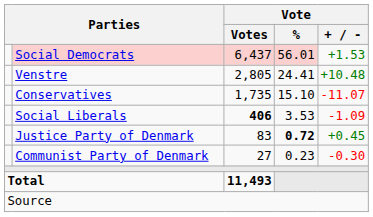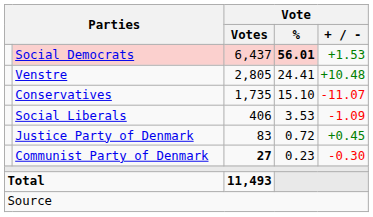 <table class="wikitable" style="text-align:right;">
 <tr>
 <th style="text-align:centre;" rowspan="2" colspan="2" width="225">Parties</th>
 <th colspan="3">Vote</th>
 </tr>
 <tr>
 <th width="15">Votes</th>
 <th width="15">%</th>
 <th width="15">+ / -</th>
 </tr>
 <tr>
 <td width="2" style="color:inherit;background:"></td>
 <td bgcolor=#fbd0ce  align="left"><a href='#'>Social Democrats</a></td>
 <td bgcolor=#fbd0ce>6,437</td>
-<td bgcolor=#fbd0ce>56.01</td>
+<td bgcolor=#fbd0ce><strong>56.01</strong></td>
 <td style=color:green;>+1.53</td>
 </tr>
 <tr>
 <td width="2" style="color:inherit;background:"></td>
 <td align="left"><a href='#'>Venstre</a></td>
 <td>2,805</td>
 <td>24.41</td>
 <td style=color:green;>+10.48</td>
 </tr>
 <tr>
 <td width="2" style="color:inherit;background:"></td>
 <td align="left"><a href='#'>Conservatives</a></td>
 <td>1,735</td>
 <td>15.10</td>
 <td style=color:red;>-11.07</td>
 </tr>
 <tr>
 <td width="2" style="color:inherit;background:"></td>
 <td align="left"><a href='#'>Social Liberals</a></td>
-<td><strong>406</strong></td>
+<td>406</td>
 <td>3.53</td>
 <td style=color:red;>-1.09</td>
 </tr>
 <tr>
 <td width="2" style="color:inherit;background:"></td>
 <td align="left"><a href='#'>Justice Party of Denmark</a></td>
 <td>83</td>
-<td><strong>0.72</strong></td>
+<td>0.72</td>
 <td style=color:green;>+0.45</td>
 </tr>
 <tr>
 <td width="2" style="color:inherit;background:"></td>
 <td align="left"><a href='#'>Communist Party of Denmark</a></td>
-<td>27</td>
+<td><strong>27</strong></td>
 <td>0.23</td>
 <td style=color:red;>-0.30</td>
 </tr>
 <tr>
 <td colspan="7" bgcolor="#E9E9E9"></td>
 </tr>
 <tr>
 <td align="left" colspan="2"><strong>Total</strong></td>
 <td><strong>11,493</strong></td>
 <td bgcolor="#E9E9E9" colspan="2"></td>
 </tr>
 <tr>
 <td align="left" colspan="6">Source</td>
 </tr>
 </table>
